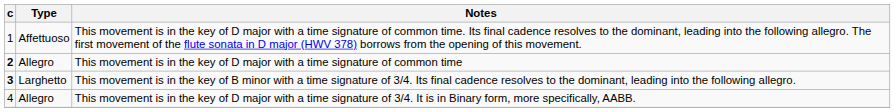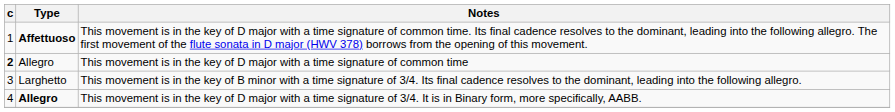 <table class="wikitable" border="1">
 <tr>
 <th bgcolor=ececec>c</th>
 <th bgcolor=ececec>Type</th>
 <th bgcolor=ececec>Notes</th>
 </tr>
 <tr>
 <td align=center>1</td>
-<td>Affettuoso</td>
+<td><strong>Affettuoso</strong></td>
 <td>This movement is in the key of D major with a time signature of common time. Its final cadence resolves to the dominant, leading into the following allegro. The first movement of the <a href='#'>flute sonata in D major (HWV 378)</a> borrows from the opening of this movement.</td>
 </tr>
 <tr>
 <td align=center><strong>2</strong></td>
 <td>Allegro</td>
 <td>This movement is in the key of D major with a time signature of common time</td>
 </tr>
 <tr>
-<td align=center><strong>3</strong></td>
+<td align=center>3</td>
 <td>Larghetto</td>
 <td>This movement is in the key of B minor with a time signature of 3/4. Its final cadence resolves to the dominant, leading into the following allegro.</td>
 </tr>
 <tr>
 <td align=center>4</td>
-<td>Allegro</td>
+<td><strong>Allegro</strong></td>
 <td>This movement is in the key of D major with a time signature of 3/4. It is in Binary form, more specifically, AABB.</td>
 </tr>
 <tr>
 </tr>
 </table>
